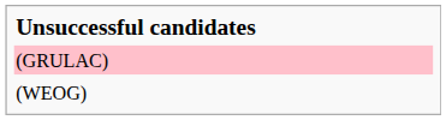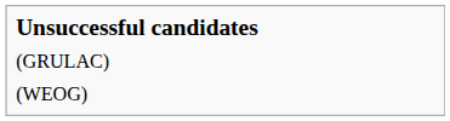 <table class="infobox" style="width:300px;">
 <tr>
 <td><strong>Unsuccessful candidates</strong></td>
 </tr>
 <tr>
-<td style="background: pink;"> <small>(GRULAC)</small></td>
+<td> <small>(GRULAC)</small></td>
 </tr>
 <tr>
 <td> <small>(WEOG)</small></td>
 </tr>
 </table>
